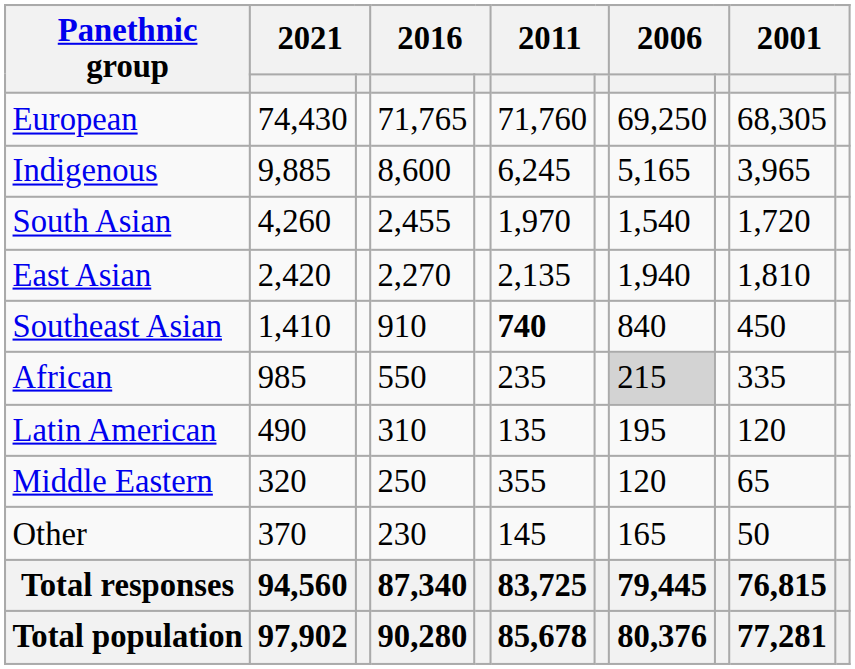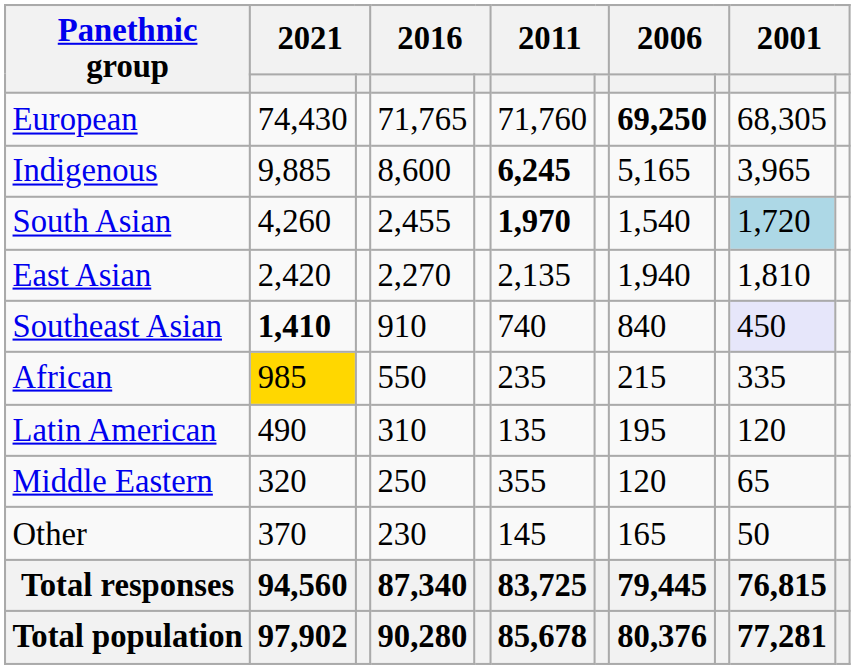 <table class="wikitable collapsible sortable">
 <tr>
 <th rowspan="2"><a href='#'>Panethnic</a><br>group</th>
 <th colspan="2">2021</th>
 <th colspan="2">2016</th>
 <th colspan="2">2011</th>
 <th colspan="2">2006</th>
 <th colspan="2">2001</th>
 </tr>
 <tr>
 <th><a href='#'></a></th>
 <th></th>
 <th></th>
 <th></th>
 <th></th>
 <th></th>
 <th></th>
 <th></th>
 <th></th>
 <th></th>
 </tr>
 <tr>
 <td><a href='#'>European</a></td>
 <td>74,430</td>
 <td></td>
 <td>71,765</td>
 <td></td>
 <td>71,760</td>
 <td></td>
-<td>69,250</td>
+<td><strong>69,250</strong></td>
 <td></td>
 <td>68,305</td>
 <td></td>
 </tr>
 <tr>
 <td><a href='#'>Indigenous</a></td>
 <td>9,885</td>
 <td></td>
 <td>8,600</td>
 <td></td>
-<td>6,245</td>
+<td><strong>6,245</strong></td>
 <td></td>
 <td>5,165</td>
 <td></td>
 <td>3,965</td>
 <td></td>
 </tr>
 <tr>
 <td><a href='#'>South Asian</a></td>
 <td>4,260</td>
 <td></td>
 <td>2,455</td>
 <td></td>
-<td>1,970</td>
+<td><strong>1,970</strong></td>
 <td></td>
 <td>1,540</td>
 <td></td>
-<td>1,720</td>
+<td style="background: lightblue;">1,720</td>
 <td></td>
 </tr>
 <tr>
 <td><a href='#'>East Asian</a></td>
 <td>2,420</td>
 <td></td>
 <td>2,270</td>
 <td></td>
 <td>2,135</td>
 <td></td>
 <td>1,940</td>
 <td></td>
 <td>1,810</td>
 <td></td>
 </tr>
 <tr>
 <td><a href='#'>Southeast Asian</a></td>
-<td>1,410</td>
+<td><strong>1,410</strong></td>
 <td></td>
 <td>910</td>
 <td></td>
-<td><strong>740</strong></td>
+<td>740</td>
 <td></td>
 <td>840</td>
 <td></td>
-<td>450</td>
+<td style="background: lavender;">450</td>
 <td></td>
 </tr>
 <tr>
 <td><a href='#'>African</a></td>
-<td>985</td>
+<td style="background: gold;">985</td>
 <td></td>
 <td>550</td>
 <td></td>
 <td>235</td>
 <td></td>
-<td style="background: lightgrey;">215</td>
+<td>215</td>
 <td></td>
 <td>335</td>
 <td></td>
 </tr>
 <tr>
 <td><a href='#'>Latin American</a></td>
 <td>490</td>
 <td></td>
 <td>310</td>
 <td></td>
 <td>135</td>
 <td></td>
 <td>195</td>
 <td></td>
 <td>120</td>
 <td></td>
 </tr>
 <tr>
 <td><a href='#'>Middle Eastern</a></td>
 <td>320</td>
 <td></td>
 <td>250</td>
 <td></td>
 <td>355</td>
 <td></td>
 <td>120</td>
 <td></td>
 <td>65</td>
 <td></td>
 </tr>
 <tr>
 <td>Other</td>
 <td>370</td>
 <td></td>
 <td>230</td>
 <td></td>
 <td>145</td>
 <td></td>
 <td>165</td>
 <td></td>
 <td>50</td>
 <td></td>
 </tr>
 <tr>
 <th>Total responses</th>
 <th>94,560</th>
 <th></th>
 <th>87,340</th>
 <th></th>
 <th>83,725</th>
 <th></th>
 <th>79,445</th>
 <th></th>
 <th>76,815</th>
 <th></th>
 </tr>
 <tr>
 <th>Total population</th>
 <th>97,902</th>
 <th></th>
 <th>90,280</th>
 <th></th>
 <th>85,678</th>
 <th></th>
 <th>80,376</th>
 <th></th>
 <th>77,281</th>
 <th></th>
 </tr>
 </table>
